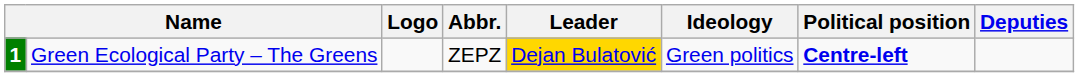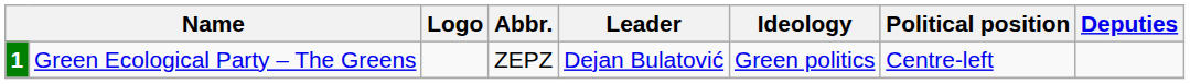 <table class="wikitable" style="text-align; font-size:90%;">
 <tr>
 <th colspan=2>Name</th>
 <th>Logo</th>
 <th>Abbr.</th>
 <th>Leader</th>
 <th>Ideology</th>
 <th>Political position</th>
 <th><a href='#'>Deputies</a></th>
 </tr>
 <tr>
 <th style="background-color: green; color:white;">1</th>
 <td><a href='#'>Green Ecological Party – The Greens</a><br></td>
 <td></td>
 <td>ZEPZ</td>
-<td style="background: gold;"><a href='#'>Dejan Bulatović</a></td>
+<td><a href='#'>Dejan Bulatović</a></td>
 <td><a href='#'>Green politics</a></td>
-<td><strong><a href='#'>Centre-left</a></strong></td>
+<td><a href='#'>Centre-left</a></td>
 <td></td>
 </tr>
 <tr>
 </tr>
 </table>
